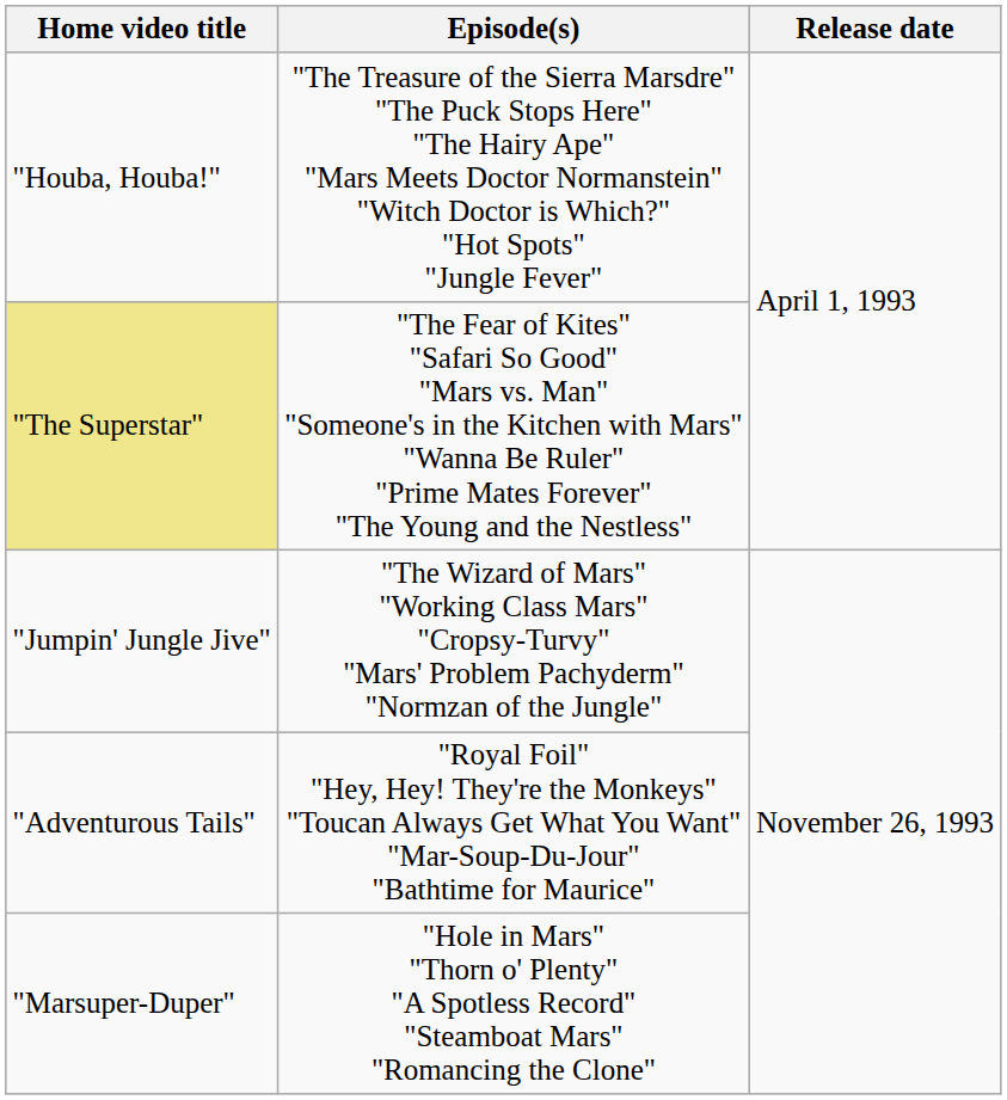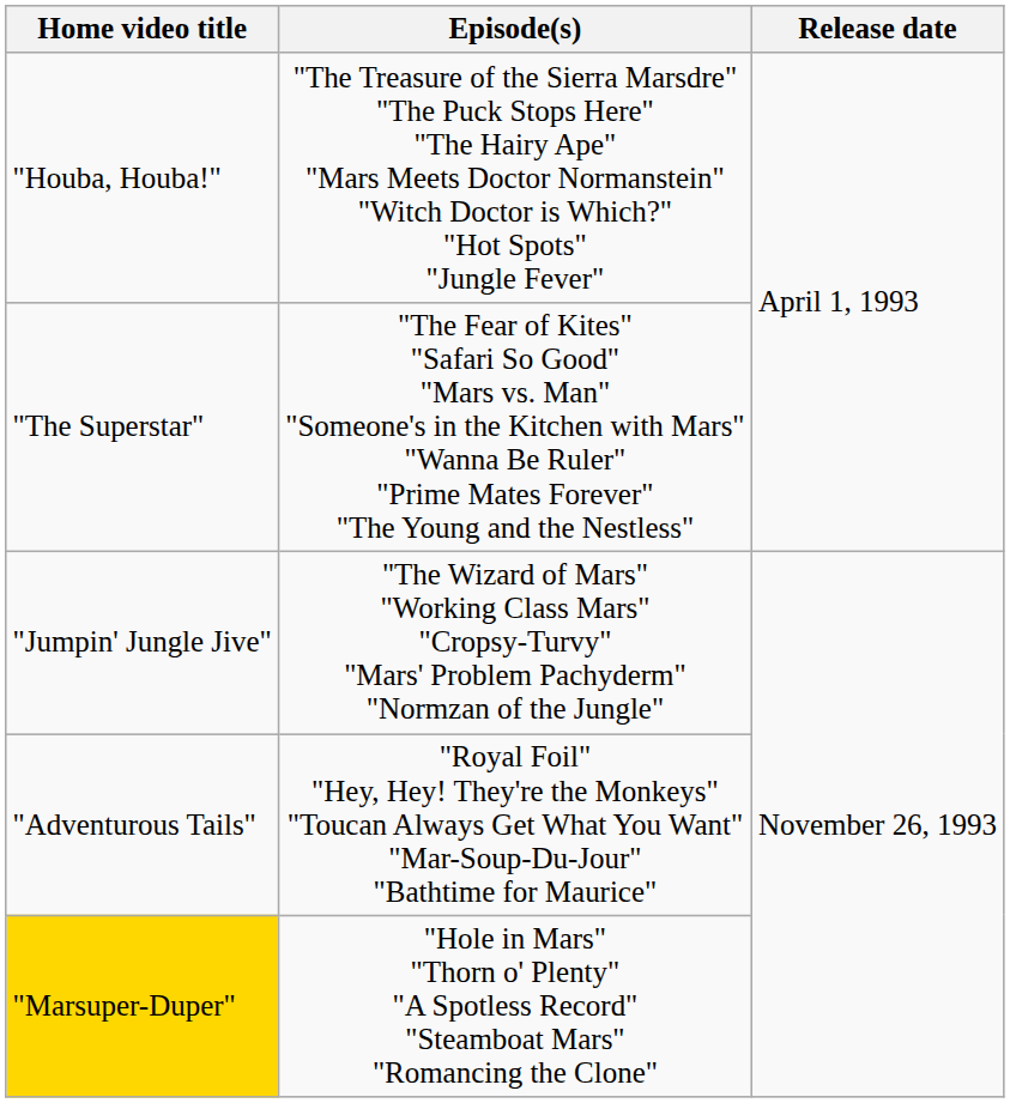 <table class="wikitable">
 <tr>
 <th>Home video title</th>
 <th>Episode(s)</th>
 <th>Release date</th>
 </tr>
 <tr>
 <td>"Houba, Houba!"</td>
 <td style="text-align:center;">"The Treasure of the Sierra Marsdre"<br>"The Puck Stops Here"<br>"The Hairy Ape"<br>"Mars Meets Doctor Normanstein"<br>"Witch Doctor is Which?"<br>"Hot Spots"<br>"Jungle Fever"</td>
 <td rowspan="2">April 1, 1993</td>
 </tr>
 <tr>
-<td style="background: khaki;">"The Superstar"</td>
+<td>"The Superstar"</td>
 <td style="text-align:center;">"The Fear of Kites"<br>"Safari So Good"<br>"Mars vs. Man"<br>"Someone's in the Kitchen with Mars"<br>"Wanna Be Ruler"<br>"Prime Mates Forever"<br>"The Young and the Nestless"</td>
 </tr>
 <tr>
 <td>"Jumpin' Jungle Jive"</td>
 <td style="text-align:center;">"The Wizard of Mars"<br>"Working Class Mars"<br>"Cropsy-Turvy"<br>"Mars' Problem Pachyderm"<br>"Normzan of the Jungle"</td>
 <td rowspan="3">November 26, 1993</td>
 </tr>
 <tr>
 <td>"Adventurous Tails"</td>
 <td style="text-align:center;">"Royal Foil"<br>"Hey, Hey! They're the Monkeys"<br>"Toucan Always Get What You Want"<br>"Mar-Soup-Du-Jour"<br>"Bathtime for Maurice"</td>
 </tr>
 <tr>
-<td>"Marsuper-Duper"</td>
+<td style="background: gold;">"Marsuper-Duper"</td>
 <td style="text-align:center;">"Hole in Mars"<br>"Thorn o' Plenty"<br>"A Spotless Record"<br>"Steamboat Mars"<br>"Romancing the Clone"</td>
 </tr>
 </table>
